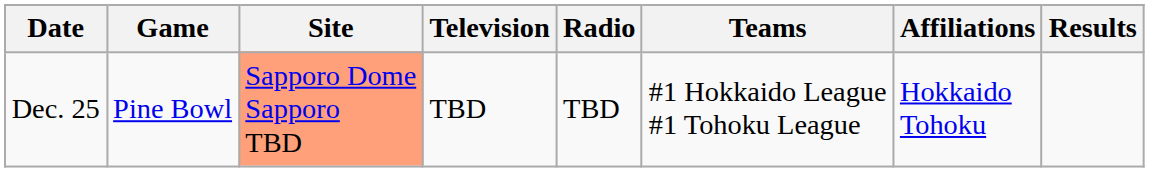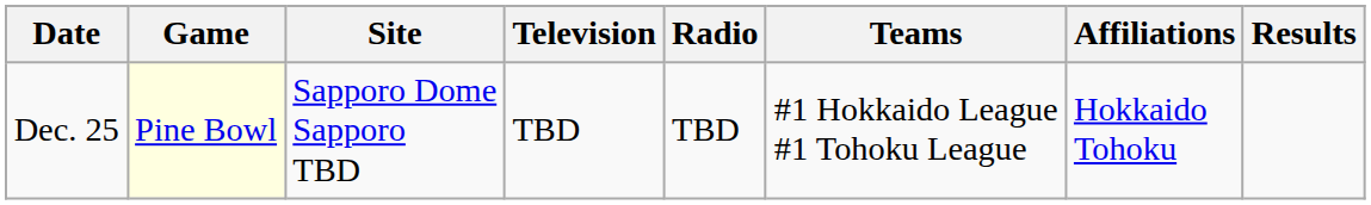 <table class="wikitable" style="font-size:90%;">
 <tr>
 <th>Date</th>
 <th>Game</th>
 <th>Site</th>
 <th>Television</th>
 <th>Radio</th>
 <th>Teams</th>
 <th>Affiliations</th>
 <th>Results</th>
 </tr>
 <tr>
 <td rowspan=3 style=white-space:nowrap>Dec. 25</td>
-<td><a href='#'>Pine Bowl</a></td>
-<td style="background: lightsalmon;"><a href='#'>Sapporo Dome</a><br><a href='#'>Sapporo</a><br>TBD</td>
+<td style="background: lightyellow;"><a href='#'>Pine Bowl</a></td>
+<td><a href='#'>Sapporo Dome</a><br><a href='#'>Sapporo</a><br>TBD</td>
 <td rowspan=7>TBD</td>
 <td rowspan=7>TBD</td>
 <td>#1 Hokkaido League<br> #1 Tohoku League</td>
 <td><a href='#'>Hokkaido</a><br><a href='#'>Tohoku</a></td>
 <td></td>
 </tr>
 </table>
